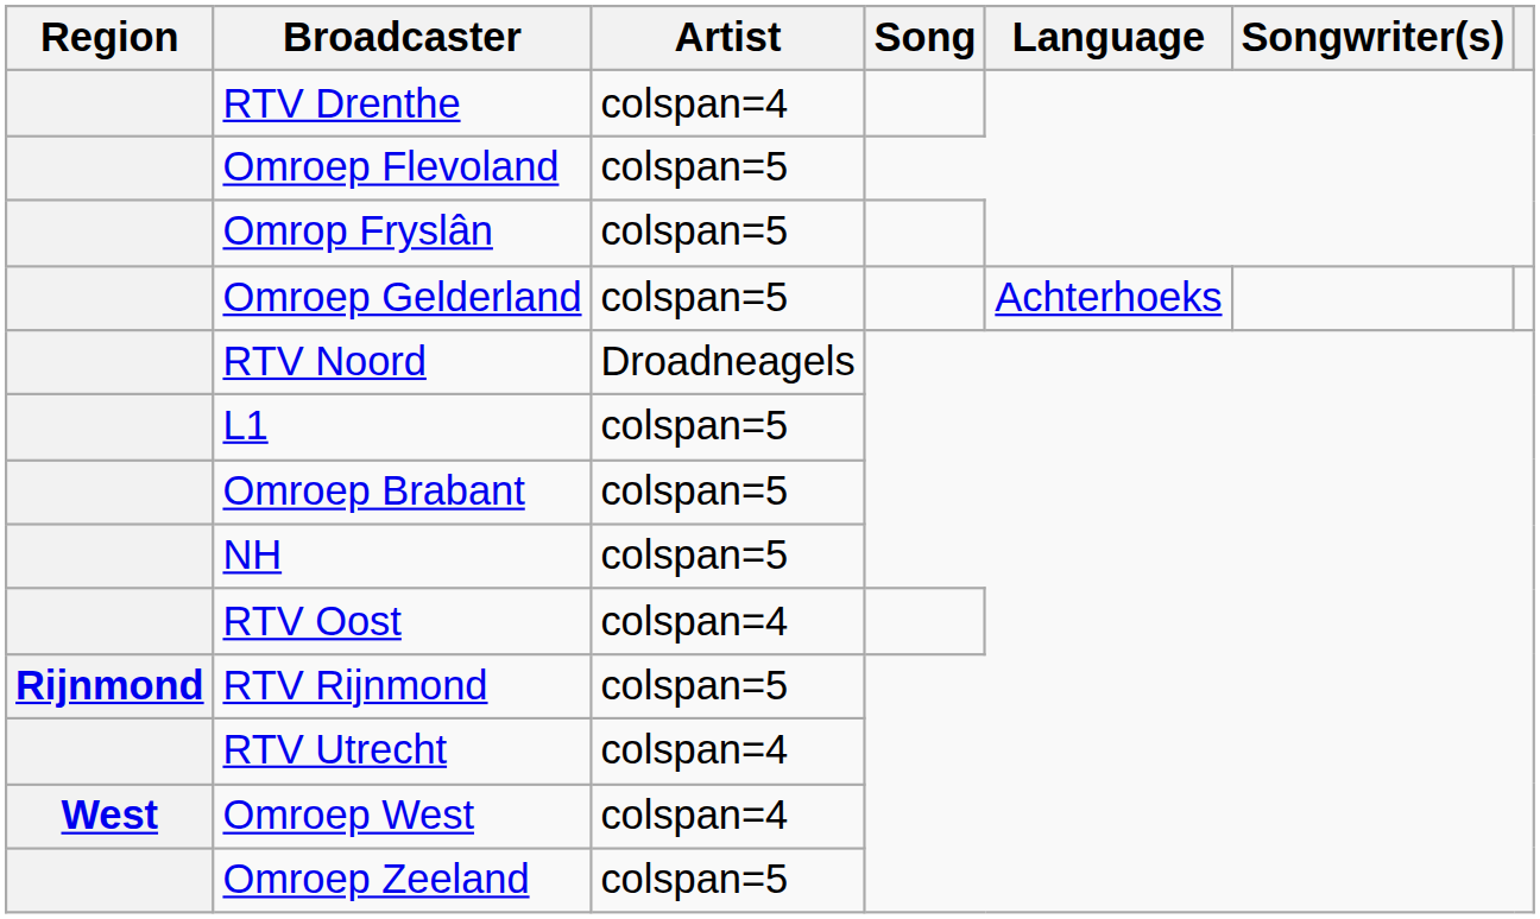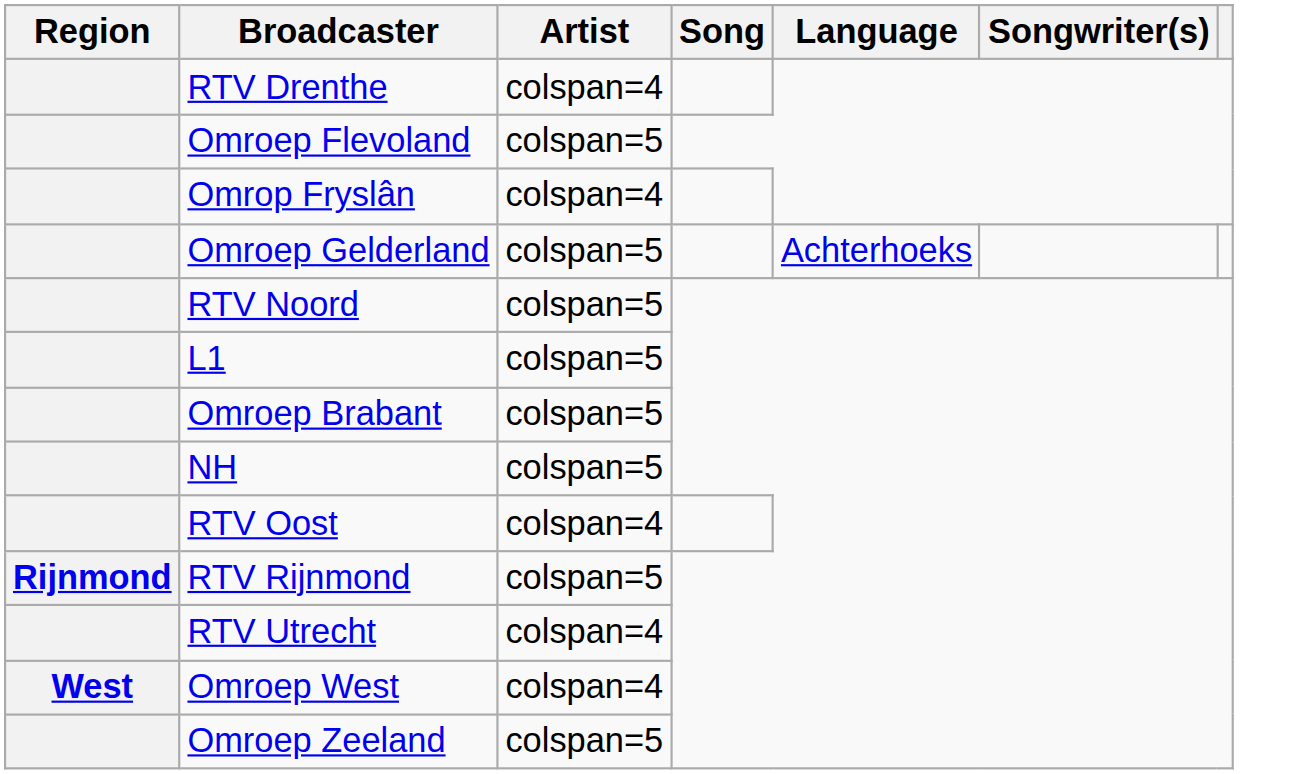 <table class="wikitable plainrowheaders unsortable">
 <tr>
 <th scope="col">Region</th>
 <th scope="col">Broadcaster</th>
 <th scope="col">Artist</th>
 <th scope="col">Song</th>
 <th scope="col">Language</th>
 <th scope="col">Songwriter(s)</th>
 <th></th>
 </tr>
 <tr>
 <th scope="row"></th>
 <td><a href='#'>RTV Drenthe</a></td>
 <td>colspan=4 </td>
 <td align="center"></td>
 </tr>
 <tr>
 <th scope="row"></th>
 <td><a href='#'>Omroep Flevoland</a></td>
 <td>colspan=5 </td>
 </tr>
 <tr>
 <th scope="row"></th>
 <td><a href='#'>Omrop Fryslân</a></td>
-<td>colspan=5 </td>
+<td>colspan=4 </td>
 <td align="center"></td>
 </tr>
 <tr>
 <th scope="row"></th>
 <td><a href='#'>Omroep Gelderland</a></td>
 <td>colspan=5 </td>
 <td></td>
 <td><a href='#'>Achterhoeks</a></td>
 <td></td>
 <td></td>
 </tr>
 <tr>
 <th scope="row"></th>
 <td><a href='#'>RTV Noord</a></td>
-<td>Droadneagels</td>
+<td>colspan=5 </td>
 </tr>
 <tr>
 <th scope="row"></th>
 <td><a href='#'>L1</a></td>
 <td>colspan=5 </td>
 </tr>
 <tr>
 <th scope="row"></th>
 <td><a href='#'>Omroep Brabant</a></td>
 <td>colspan=5 </td>
 </tr>
 <tr>
 <th scope="row"></th>
 <td><a href='#'>NH</a></td>
 <td>colspan=5 </td>
 </tr>
 <tr>
 <th scope="row"></th>
 <td><a href='#'>RTV Oost</a></td>
 <td>colspan=4 </td>
 <td></td>
 </tr>
 <tr>
 <th scope="row"> <a href='#'>Rijnmond</a></th>
 <td><a href='#'>RTV Rijnmond</a></td>
 <td>colspan=5 </td>
 </tr>
 <tr>
 <th scope="row"></th>
 <td><a href='#'>RTV Utrecht</a></td>
 <td>colspan=4 </td>
 </tr>
 <tr>
 <th scope="row"> <a href='#'>West</a></th>
 <td><a href='#'>Omroep West</a></td>
 <td>colspan=4 </td>
 </tr>
 <tr>
 <th scope="row"></th>
 <td><a href='#'>Omroep Zeeland</a></td>
 <td>colspan=5 </td>
 </tr>
 </table>
